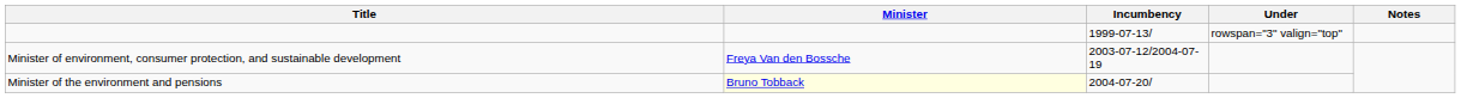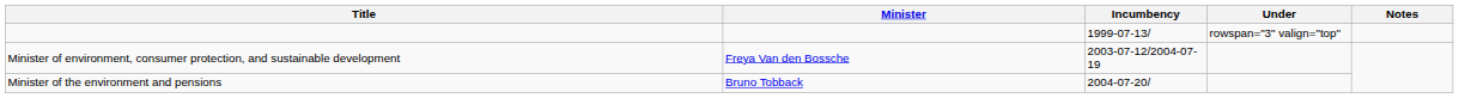 <table class="wikitable" style="width:100%;">
 <tr>
 <th>Title</th>
 <th style="width:25%;"><a href='#'>Minister</a></th>
 <th style="width:160px;">Incumbency</th>
 <th style="width:10%;">Under</th>
 <th style="width:7%;">Notes</th>
 </tr>
 <tr>
 <td></td>
 <td></td>
 <td>1999-07-13/</td>
 <td>rowspan="3" valign="top" </td>
 <td></td>
 </tr>
 <tr>
 <td>Minister of environment, consumer protection, and sustainable development</td>
 <td><a href='#'>Freya Van den Bossche</a></td>
 <td>2003-07-12/2004-07-19</td>
 <td></td>
 </tr>
 <tr>
 <td>Minister of the environment and pensions</td>
-<td style="background: lightyellow;"><a href='#'>Bruno Tobback</a></td>
+<td><a href='#'>Bruno Tobback</a></td>
 <td>2004-07-20/</td>
 <td></td>
 </tr>
 </table>
